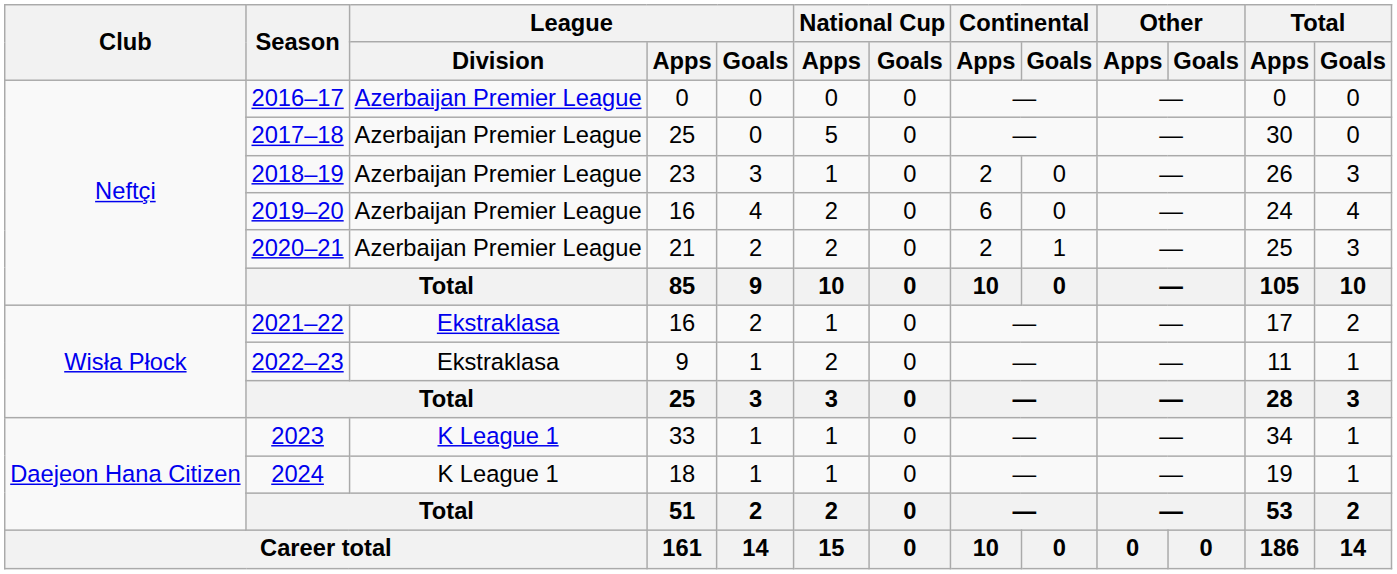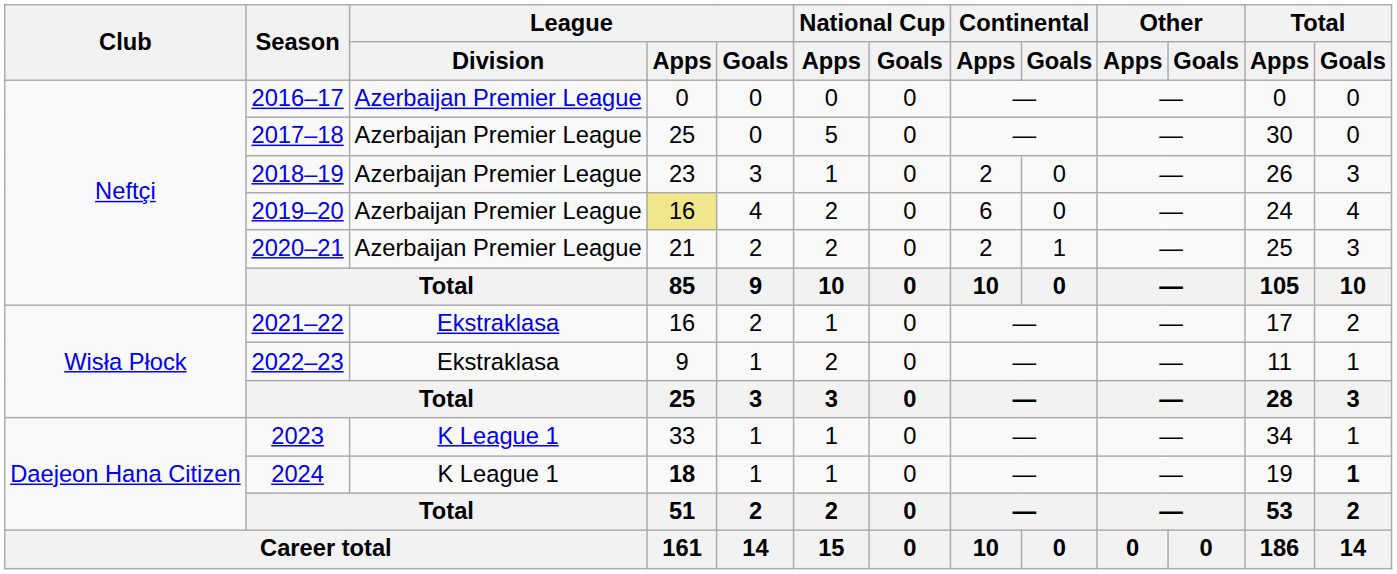 <table class="wikitable" style="text-align:center">
 <tr>
 <th rowspan="2">Club</th>
 <th rowspan="2">Season</th>
 <th colspan="3">League</th>
 <th colspan="2">National Cup</th>
 <th colspan="2">Continental</th>
 <th colspan="2">Other</th>
 <th colspan="2">Total</th>
 </tr>
 <tr>
 <th>Division</th>
 <th>Apps</th>
 <th>Goals</th>
 <th>Apps</th>
 <th>Goals</th>
 <th>Apps</th>
 <th>Goals</th>
 <th>Apps</th>
 <th>Goals</th>
 <th>Apps</th>
 <th>Goals</th>
 </tr>
 <tr>
 <td rowspan="6"><a href='#'>Neftçi</a></td>
 <td><a href='#'>2016–17</a></td>
 <td><a href='#'>Azerbaijan Premier League</a></td>
 <td>0</td>
 <td>0</td>
 <td>0</td>
 <td>0</td>
 <td colspan="2">—</td>
 <td colspan="2">—</td>
 <td>0</td>
 <td>0</td>
 </tr>
 <tr>
 <td><a href='#'>2017–18</a></td>
 <td>Azerbaijan Premier League</td>
 <td>25</td>
 <td>0</td>
 <td>5</td>
 <td>0</td>
 <td colspan="2">—</td>
 <td colspan="2">—</td>
 <td>30</td>
 <td>0</td>
 </tr>
 <tr>
 <td><a href='#'>2018–19</a></td>
 <td>Azerbaijan Premier League</td>
 <td>23</td>
 <td>3</td>
 <td>1</td>
 <td>0</td>
 <td>2</td>
 <td>0</td>
 <td colspan="2">—</td>
 <td>26</td>
 <td>3</td>
 </tr>
 <tr>
 <td><a href='#'>2019–20</a></td>
 <td>Azerbaijan Premier League</td>
-<td>16</td>
+<td style="background: khaki;">16</td>
 <td>4</td>
 <td>2</td>
 <td>0</td>
 <td>6</td>
 <td>0</td>
 <td colspan="2">—</td>
 <td>24</td>
 <td>4</td>
 </tr>
 <tr>
 <td><a href='#'>2020–21</a></td>
 <td>Azerbaijan Premier League</td>
 <td>21</td>
 <td>2</td>
 <td>2</td>
 <td>0</td>
 <td>2</td>
 <td>1</td>
 <td colspan="2">—</td>
 <td>25</td>
 <td>3</td>
 </tr>
 <tr>
 <th colspan="2">Total</th>
 <th>85</th>
 <th>9</th>
 <th>10</th>
 <th>0</th>
 <th>10</th>
 <th>0</th>
 <th colspan="2">—</th>
 <th>105</th>
 <th>10</th>
 </tr>
 <tr>
 <td rowspan="3"><a href='#'>Wisła Płock</a></td>
 <td><a href='#'>2021–22</a></td>
 <td><a href='#'>Ekstraklasa</a></td>
 <td>16</td>
 <td>2</td>
 <td>1</td>
 <td>0</td>
 <td colspan="2">—</td>
 <td colspan="2">—</td>
 <td>17</td>
 <td>2</td>
 </tr>
 <tr>
 <td><a href='#'>2022–23</a></td>
 <td>Ekstraklasa</td>
 <td>9</td>
 <td>1</td>
 <td>2</td>
 <td>0</td>
 <td colspan="2">—</td>
 <td colspan="2">—</td>
 <td>11</td>
 <td>1</td>
 </tr>
 <tr>
 <th colspan="2">Total</th>
 <th>25</th>
 <th>3</th>
 <th>3</th>
 <th>0</th>
 <th colspan="2">—</th>
 <th colspan="2">—</th>
 <th>28</th>
 <th>3</th>
 </tr>
 <tr>
 <td rowspan="3"><a href='#'>Daejeon Hana Citizen</a></td>
 <td><a href='#'>2023</a></td>
 <td><a href='#'>K League 1</a></td>
 <td>33</td>
 <td>1</td>
 <td>1</td>
 <td>0</td>
 <td colspan="2">—</td>
 <td colspan="2">—</td>
 <td>34</td>
 <td>1</td>
 </tr>
 <tr>
 <td><a href='#'>2024</a></td>
 <td>K League 1</td>
-<td>18</td>
+<td><strong>18</strong></td>
 <td>1</td>
 <td>1</td>
 <td>0</td>
 <td colspan="2">—</td>
 <td colspan="2">—</td>
 <td>19</td>
-<td>1</td>
+<td><strong>1</strong></td>
 </tr>
 <tr>
 <th colspan="2">Total</th>
 <th>51</th>
 <th>2</th>
 <th>2</th>
 <th>0</th>
 <th colspan="2">—</th>
 <th colspan="2">—</th>
 <th>53</th>
 <th>2</th>
 </tr>
 <tr>
 <th colspan="3">Career total</th>
 <th>161</th>
 <th>14</th>
 <th>15</th>
 <th>0</th>
 <th>10</th>
 <th>0</th>
 <th>0</th>
 <th>0</th>
 <th>186</th>
 <th>14</th>
 </tr>
 </table>
